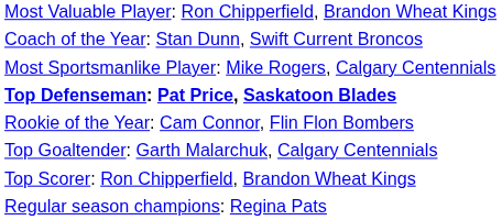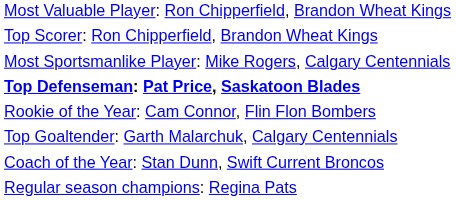 <table cellpadding="3" cellspacing="1">
 <tr>
 <td><a href='#'>Most Valuable Player</a>: <a href='#'>Ron Chipperfield</a>, <a href='#'>Brandon Wheat Kings</a></td>
 </tr>
 <tr>
-<td><a href='#'>Coach of the Year</a>: <a href='#'>Stan Dunn</a>, <a href='#'>Swift Current Broncos</a></td>
+<td><a href='#'>Top Scorer</a>: <a href='#'>Ron Chipperfield</a>, <a href='#'>Brandon Wheat Kings</a></td>
 </tr>
 <tr>
 <td><a href='#'>Most Sportsmanlike Player</a>: <a href='#'>Mike Rogers</a>, <a href='#'>Calgary Centennials</a></td>
 </tr>
 <tr>
 <td><strong><a href='#'>Top Defenseman</a>: <a href='#'>Pat Price</a>, <a href='#'>Saskatoon Blades</a></strong></td>
 </tr>
 <tr>
 <td><a href='#'>Rookie of the Year</a>: <a href='#'>Cam Connor</a>, <a href='#'>Flin Flon Bombers</a></td>
 </tr>
 <tr>
 <td><a href='#'>Top Goaltender</a>: <a href='#'>Garth Malarchuk</a>, <a href='#'>Calgary Centennials</a></td>
 </tr>
 <tr>
-<td><a href='#'>Top Scorer</a>: <a href='#'>Ron Chipperfield</a>, <a href='#'>Brandon Wheat Kings</a></td>
+<td><a href='#'>Coach of the Year</a>: <a href='#'>Stan Dunn</a>, <a href='#'>Swift Current Broncos</a></td>
 </tr>
 <tr>
 <td><a href='#'>Regular season champions</a>: <a href='#'>Regina Pats</a></td>
 </tr>
 </table>
